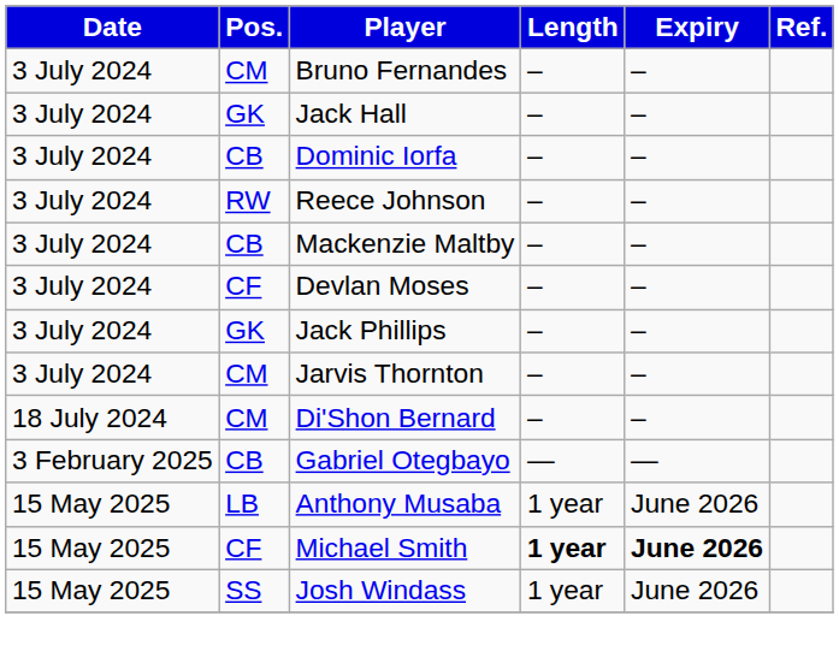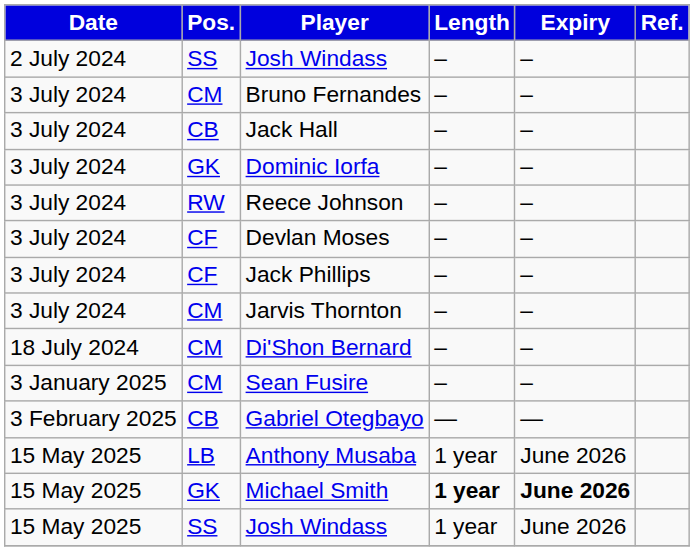 <table class="wikitable plainrowheaders sortable">
 <tr>
 <th style="background:#0000DD; color:#FFFFFF; ">Date</th>
 <th style="background:#0000DD; color:#FFFFFF; ">Pos.</th>
 <th style="background:#0000DD; color:#FFFFFF; ">Player</th>
 <th style="background:#0000DD; color:#FFFFFF; ">Length</th>
 <th style="background:#0000DD; color:#FFFFFF; ">Expiry</th>
 <th style="background:#0000DD; color:#FFFFFF; ">Ref.</th>
+</tr>
+<tr>
+<td>2 July 2024</td>
+<td><a href='#'>SS</a></td>
+<td> <a href='#'>Josh Windass</a></td>
+<td>–</td>
+<td>–</td>
+<td></td>
 </tr>
 <tr>
 <td>3 July 2024</td>
 <td><a href='#'>CM</a></td>
 <td> Bruno Fernandes</td>
 <td>–</td>
 <td>–</td>
 <td></td>
 </tr>
 <tr>
 <td>3 July 2024</td>
-<td><a href='#'>GK</a></td>
+<td><a href='#'>CB</a></td>
 <td> Jack Hall</td>
 <td>–</td>
 <td>–</td>
 <td></td>
 </tr>
 <tr>
 <td>3 July 2024</td>
-<td><a href='#'>CB</a></td>
+<td><a href='#'>GK</a></td>
 <td> <a href='#'>Dominic Iorfa</a></td>
 <td>–</td>
 <td>–</td>
 <td></td>
 </tr>
 <tr>
 <td>3 July 2024</td>
 <td><a href='#'>RW</a></td>
 <td> Reece Johnson</td>
 <td>–</td>
 <td>–</td>
 <td></td>
 </tr>
 <tr>
 <td>3 July 2024</td>
-<td><a href='#'>CB</a></td>
-<td> Mackenzie Maltby</td>
-<td>–</td>
-<td>–</td>
-<td></td>
-</tr>
-<tr>
-<td>3 July 2024</td>
 <td><a href='#'>CF</a></td>
 <td> Devlan Moses</td>
 <td>–</td>
 <td>–</td>
 <td></td>
 </tr>
 <tr>
 <td>3 July 2024</td>
-<td><a href='#'>GK</a></td>
+<td><a href='#'>CF</a></td>
 <td> Jack Phillips</td>
 <td>–</td>
 <td>–</td>
 <td></td>
 </tr>
 <tr>
 <td>3 July 2024</td>
 <td><a href='#'>CM</a></td>
 <td> Jarvis Thornton</td>
 <td>–</td>
 <td>–</td>
 <td></td>
 </tr>
 <tr>
 <td>18 July 2024</td>
 <td><a href='#'>CM</a></td>
 <td> <a href='#'>Di'Shon Bernard</a></td>
 <td>–</td>
 <td>–</td>
 <td></td>
 </tr>
 <tr>
+<td>3 January 2025</td>
+<td><a href='#'>CM</a></td>
+<td> <a href='#'>Sean Fusire</a></td>
+<td>–</td>
+<td>–</td>
+<td></td>
+</tr>
+<tr>
 <td>3 February 2025</td>
 <td><a href='#'>CB</a></td>
 <td> <a href='#'>Gabriel Otegbayo</a></td>
 <td>—</td>
 <td>—</td>
 <td></td>
 </tr>
 <tr>
 <td>15 May 2025</td>
 <td><a href='#'>LB</a></td>
 <td> <a href='#'>Anthony Musaba</a></td>
 <td>1 year</td>
 <td>June 2026</td>
 <td></td>
 </tr>
 <tr>
 <td>15 May 2025</td>
-<td><a href='#'>CF</a></td>
+<td><a href='#'>GK</a></td>
 <td> <a href='#'>Michael Smith</a></td>
 <td><strong>1 year</strong></td>
 <td><strong>June 2026</strong></td>
 <td></td>
 </tr>
 <tr>
 <td>15 May 2025</td>
 <td><a href='#'>SS</a></td>
 <td> <a href='#'>Josh Windass</a></td>
 <td>1 year</td>
 <td>June 2026</td>
 <td></td>
 </tr>
 <tr>
 </tr>
 </table>
